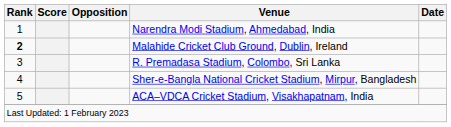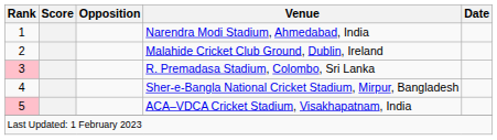 <table class="wikitable sortable">
 <tr>
 <th scope=col>Rank</th>
 <th scope=col>Score</th>
 <th scope=col>Opposition</th>
 <th scope=col>Venue</th>
 <th scope=col>Date</th>
 </tr>
 <tr>
 <td align=center>1</td>
 <th scope=row style=text-align:center;></th>
 <td></td>
 <td><a href='#'>Narendra Modi Stadium</a>, <a href='#'>Ahmedabad</a>, India</td>
 <td></td>
 </tr>
 <tr>
-<td align=center><strong>2</strong></td>
+<td align=center>2</td>
 <th scope=row style=text-align:center;></th>
 <td></td>
 <td><a href='#'>Malahide Cricket Club Ground</a>, <a href='#'>Dublin</a>, Ireland</td>
 <td></td>
 </tr>
 <tr>
-<td align=center>3</td>
+<td align=center style="background: pink;">3</td>
 <th scope=row style=text-align:center;></th>
 <td></td>
 <td><a href='#'>R. Premadasa Stadium</a>, <a href='#'>Colombo</a>, Sri Lanka</td>
 <td> </td>
 </tr>
 <tr>
 <td align=center>4</td>
 <th scope=row style=text-align:center;></th>
 <td></td>
 <td><a href='#'>Sher-e-Bangla National Cricket Stadium</a>, <a href='#'>Mirpur</a>, Bangladesh</td>
 <td></td>
 </tr>
 <tr>
-<td align=center>5</td>
+<td align=center style="background: pink;">5</td>
 <th scope=row style=text-align:center;></th>
 <td></td>
 <td><a href='#'>ACA–VDCA Cricket Stadium</a>, <a href='#'>Visakhapatnam</a>, India</td>
 <td></td>
 </tr>
 <tr>
 </tr>
 <tr class=sortbottom>
 <td colspan=5><small>Last Updated: 1 February 2023</small></td>
 </tr>
 </table>
